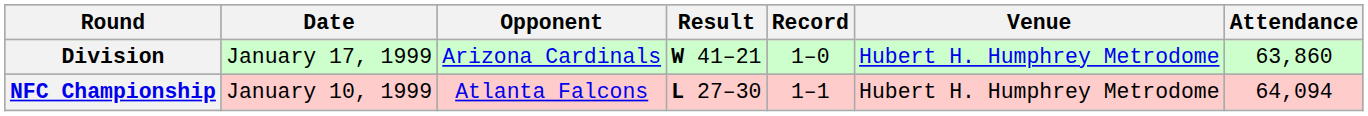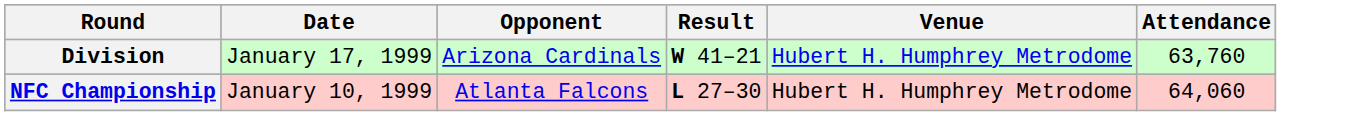 <table class="wikitable" style="text-align:center">
 <tr>
 <th>Round</th>
 <th>Date</th>
 <th>Opponent</th>
 <th>Result</th>
-<th>Record</th>
 <th>Venue</th>
 <th>Attendance</th>
 </tr>
 <tr style="background:#cfc">
 <th>Division</th>
 <td>January 17, 1999</td>
 <td><a href='#'>Arizona Cardinals</a></td>
 <td><strong>W</strong> 41–21</td>
-<td>1–0</td>
 <td><a href='#'>Hubert H. Humphrey Metrodome</a></td>
-<td>63,860</td>
+<td>63,760</td>
 </tr>
 <tr style="background:#fcc">
 <th><a href='#'>NFC Championship</a></th>
 <td>January 10, 1999</td>
 <td><a href='#'>Atlanta Falcons</a></td>
 <td><strong>L</strong> 27–30 </td>
-<td>1–1</td>
 <td>Hubert H. Humphrey Metrodome</td>
-<td>64,094</td>
+<td>64,060</td>
 </tr>
 </table>
